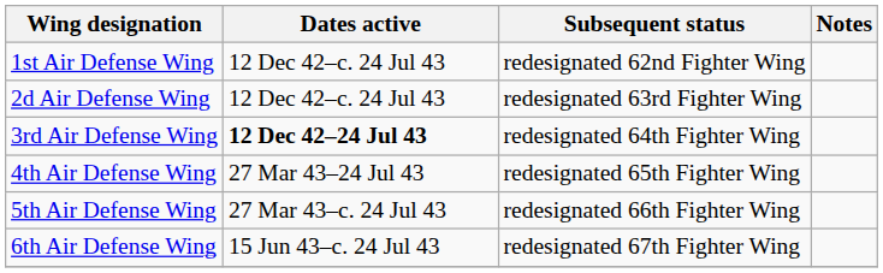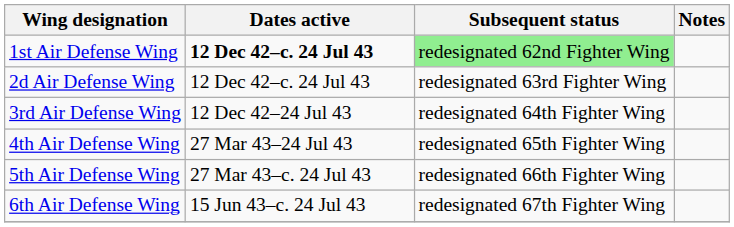 <table class="wikitable">
 <tr style="background:#efefef;">
 <th>Wing designation</th>
 <th scope="col" style="width: 180px;">Dates active</th>
 <th>Subsequent status</th>
 <th>Notes</th>
 </tr>
 <tr>
 <td><a href='#'>1st Air Defense Wing</a></td>
-<td>12 Dec 42–c. 24 Jul 43</td>
-<td>redesignated 62nd Fighter Wing</td>
+<td><strong>12 Dec 42–c. 24 Jul 43</strong></td>
+<td style="background: lightgreen;">redesignated 62nd Fighter Wing</td>
 <td></td>
 </tr>
 <tr>
 <td><a href='#'>2d Air Defense Wing</a></td>
 <td>12 Dec 42–c. 24 Jul 43</td>
 <td>redesignated 63rd Fighter Wing</td>
 <td></td>
 </tr>
 <tr>
 <td><a href='#'>3rd Air Defense Wing</a></td>
-<td><strong>12 Dec 42–24 Jul 43</strong></td>
+<td>12 Dec 42–24 Jul 43</td>
 <td>redesignated 64th Fighter Wing</td>
 <td></td>
 </tr>
 <tr>
 <td><a href='#'>4th Air Defense Wing</a></td>
 <td>27 Mar 43–24 Jul 43</td>
 <td>redesignated 65th Fighter Wing</td>
 <td></td>
 </tr>
 <tr>
 <td><a href='#'>5th Air Defense Wing</a></td>
 <td>27 Mar 43–c. 24 Jul 43</td>
 <td>redesignated 66th Fighter Wing</td>
 <td></td>
 </tr>
 <tr>
 <td><a href='#'>6th Air Defense Wing</a></td>
 <td>15 Jun 43–c. 24 Jul 43</td>
 <td>redesignated 67th Fighter Wing</td>
 <td></td>
 </tr>
 <tr>
 </tr>
 </table>
